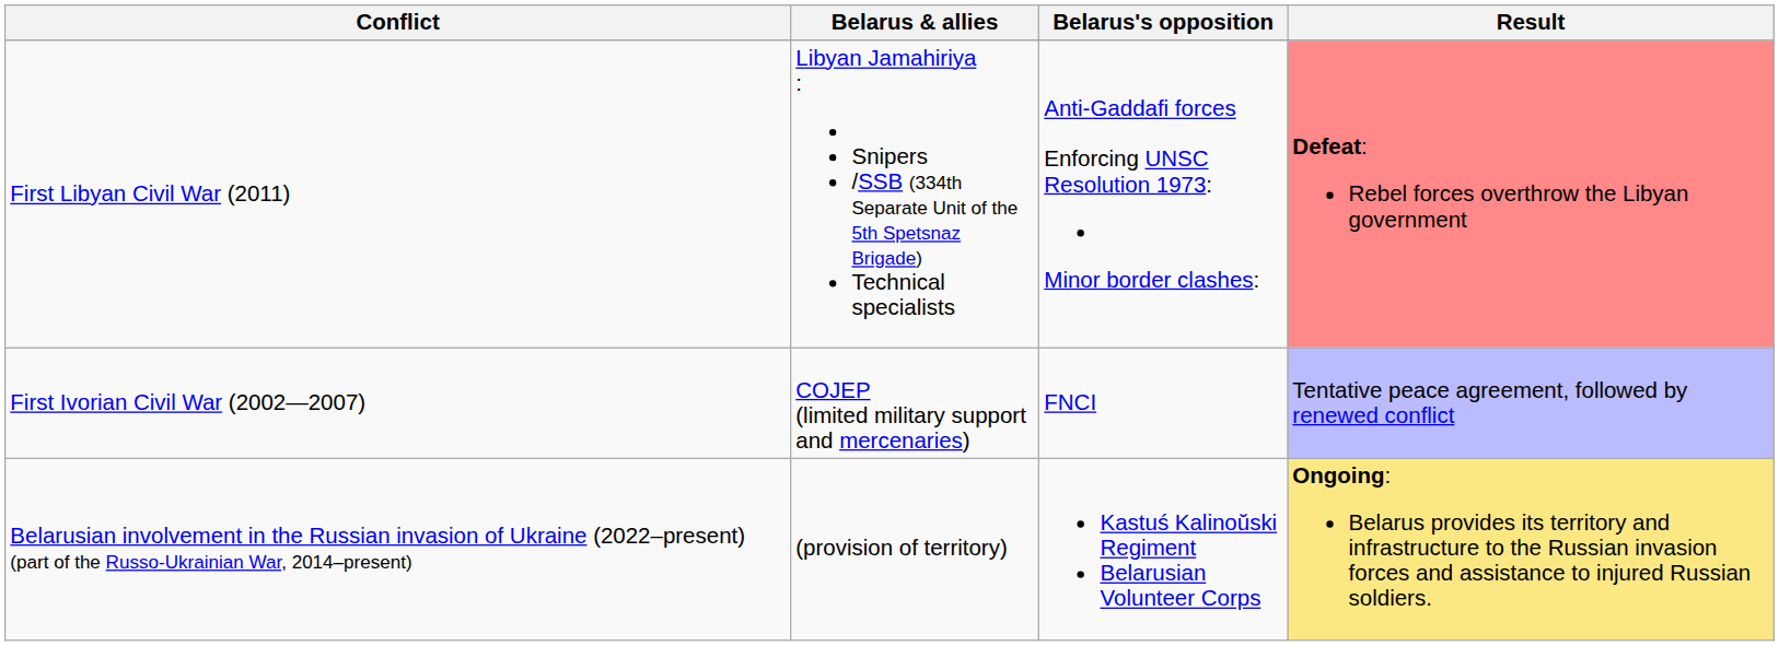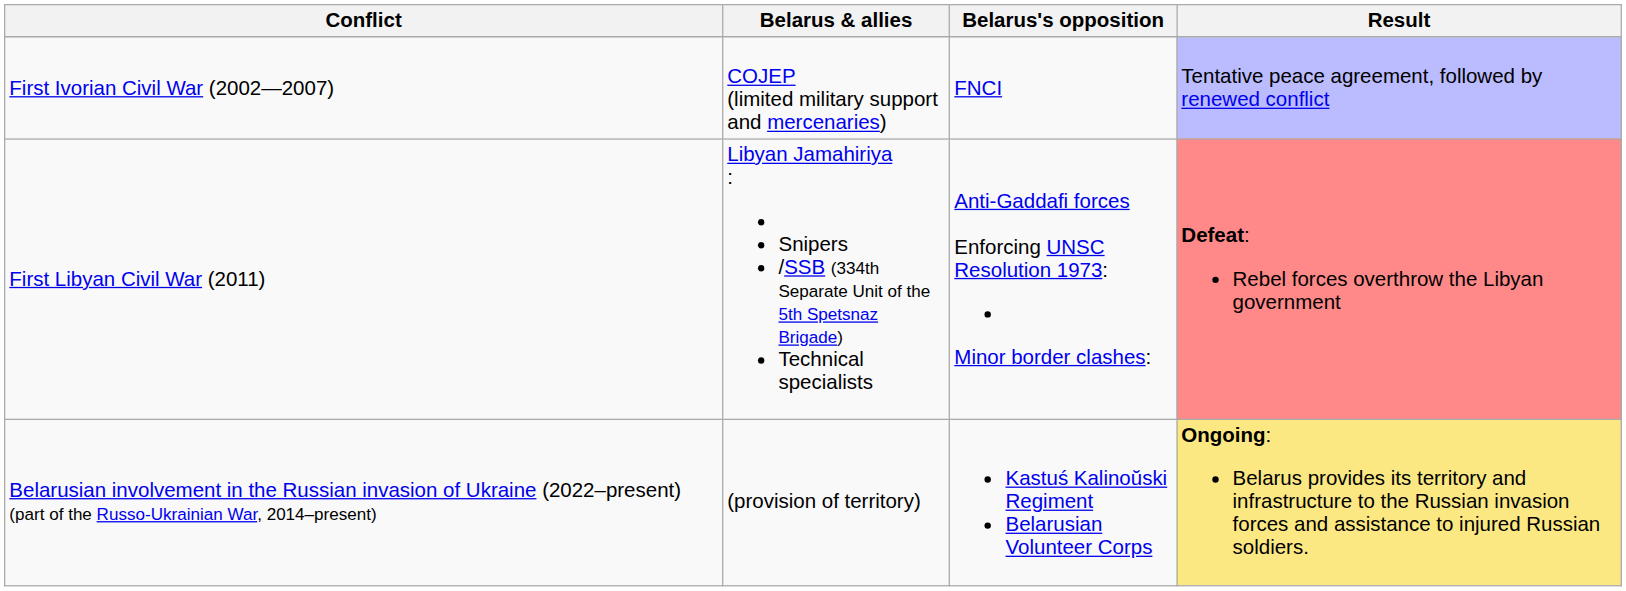 <table class="wikitable sortable" width="100%">
 <tr>
 <th rowspan="1">Conflict</th>
 <th rowspan="1" width=170px>Belarus & allies</th>
 <th rowspan="1" width=170px>Belarus's opposition</th>
 <th rowspan="1" width=340px>Result</th>
 </tr>
 <tr>
 </tr>
 <tr>
+<td><a href='#'>First Ivorian Civil War</a> (2002—2007)</td>
+<td><br> <a href='#'>COJEP</a><br> (limited military support and <a href='#'>mercenaries</a>)</td>
+<td> <a href='#'>FNCI</a></td>
+<td style="background:#BBF">Tentative peace agreement, followed by <a href='#'>renewed conflict</a></td>
+</tr>
+<tr>
 <td><a href='#'>First Libyan Civil War</a> (2011)</td>
 <td> <a href='#'>Libyan Jamahiriya</a> <br>:<br><ul><li></li><li>Snipers</li><li>/<a href='#'>SSB</a> <small>(334th Separate Unit of the <a href='#'>5th Spetsnaz Brigade</a>)</small></li><li>Technical specialists</li></ul></td>
 <td> <a href='#'>Anti-Gaddafi forces</a> <br><br>Enforcing <a href='#'>UNSC Resolution 1973</a>:<ul><li></li></ul> <a href='#'>Minor border clashes</a>:<br></td>
 <td style="background:#F88"><strong>Defeat</strong>:<br><ul><li>Rebel forces overthrow the Libyan government</li></ul></td>
-</tr>
-<tr>
-<td><a href='#'>First Ivorian Civil War</a> (2002—2007)</td>
-<td><br> <a href='#'>COJEP</a><br> (limited military support and <a href='#'>mercenaries</a>)</td>
-<td> <a href='#'>FNCI</a></td>
-<td style="background:#BBF">Tentative peace agreement, followed by <a href='#'>renewed conflict</a></td>
 </tr>
 <tr>
 <td><a href='#'>Belarusian involvement in the Russian invasion of Ukraine</a> (2022–present)<br><small>(part of the <a href='#'>Russo-Ukrainian War</a>, 2014–present)</small></td>
 <td><br> (provision of territory)<br><br></td>
 <td><br><ul><li> <a href='#'>Kastuś Kalinoŭski Regiment</a></li><li> <a href='#'>Belarusian Volunteer Corps</a></li></ul></td>
 <td style="background:#FCE883"><strong>Ongoing</strong>:<br><ul><li>Belarus provides its territory and infrastructure to the Russian invasion forces and assistance to injured Russian soldiers.</li></ul></td>
 </tr>
 </table>
